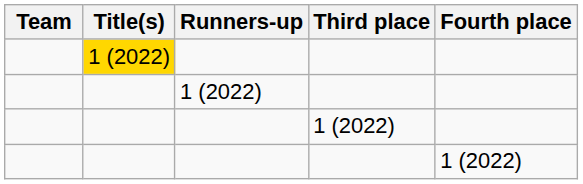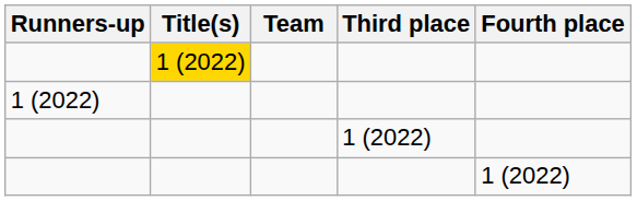 <table class="wikitable sortable" style="text-align:; width:; font-size:;">
 <tr>
+<th>Runners-up</th>
+<th>Title(s)</th>
 <th width=50px>Team</th>
-<th>Title(s)</th>
-<th>Runners-up</th>
 <th>Third place</th>
 <th>Fourth place</th>
 </tr>
 <tr>
 <td></td>
 <td style=background:gold>1 (2022)</td>
 <td></td>
 <td></td>
 <td></td>
 </tr>
 <tr>
+<td>1 (2022)</td>
 <td></td>
 <td></td>
-<td>1 (2022)</td>
 <td></td>
 <td></td>
 </tr>
 <tr>
 <td></td>
 <td></td>
 <td></td>
 <td>1 (2022)</td>
 <td></td>
 </tr>
 <tr>
 <td></td>
 <td></td>
 <td></td>
 <td></td>
 <td>1 (2022)</td>
 </tr>
 </table>
